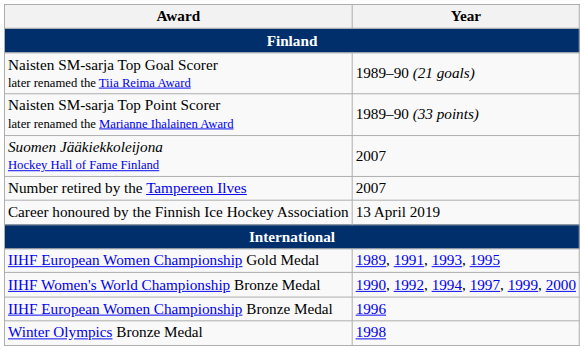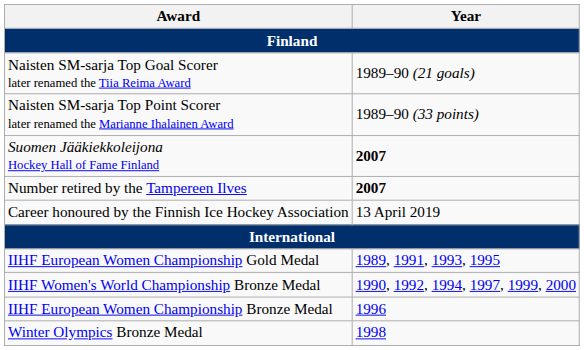 <table class="wikitable">
 <tr>
 <th>Award</th>
 <th scope="col">Year</th>
 </tr>
 <tr>
 <th colspan="2" style="text-align:center; color:white; background:#002f6c">Finland</th>
 </tr>
 <tr>
 <td>Naisten SM-sarja Top Goal Scorer<small><br>later renamed the <a href='#'>Tiia Reima Award</a></small></td>
 <td>1989–90 <em>(21 goals)</em></td>
 </tr>
 <tr>
 <td>Naisten SM-sarja Top Point Scorer<small><br>later renamed the <a href='#'>Marianne Ihalainen Award</a></small></td>
 <td>1989–90 <em>(33 points)</em></td>
 </tr>
 <tr>
 <td><em>Suomen Jääkiekkoleijona</em><br><small><a href='#'>Hockey Hall of Fame Finland</a></small></td>
-<td>2007</td>
+<td><strong>2007</strong></td>
 </tr>
 <tr>
 <td>Number retired by the <a href='#'>Tampereen Ilves</a></td>
-<td>2007</td>
+<td><strong>2007</strong></td>
 </tr>
 <tr>
 <td>Career honoured by the Finnish Ice Hockey Association</td>
 <td>13 April 2019</td>
 </tr>
 <tr>
 <th colspan="2" style="text-align:center; color:white; background:#002f6c">International</th>
 </tr>
 <tr>
 <td><a href='#'>IIHF European Women Championship</a> Gold Medal</td>
 <td><a href='#'>1989</a>, <a href='#'>1991</a>, <a href='#'>1993</a>, <a href='#'>1995</a></td>
 </tr>
 <tr>
 <td><a href='#'>IIHF Women's World Championship</a> Bronze Medal</td>
 <td><a href='#'>1990</a>, <a href='#'>1992</a>, <a href='#'>1994</a>, <a href='#'>1997</a>, <a href='#'>1999</a>, <a href='#'>2000</a></td>
 </tr>
 <tr>
 <td><a href='#'>IIHF European Women Championship</a> Bronze Medal</td>
 <td><a href='#'>1996</a></td>
 </tr>
 <tr>
 <td><a href='#'>Winter Olympics</a> Bronze Medal</td>
 <td><a href='#'>1998</a></td>
 </tr>
 </table>
